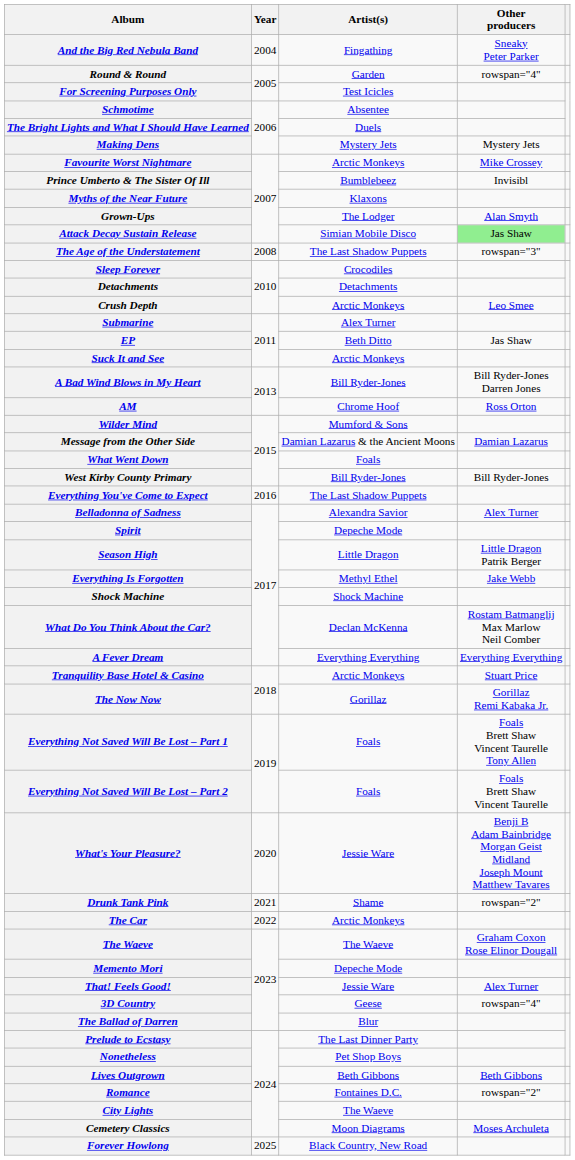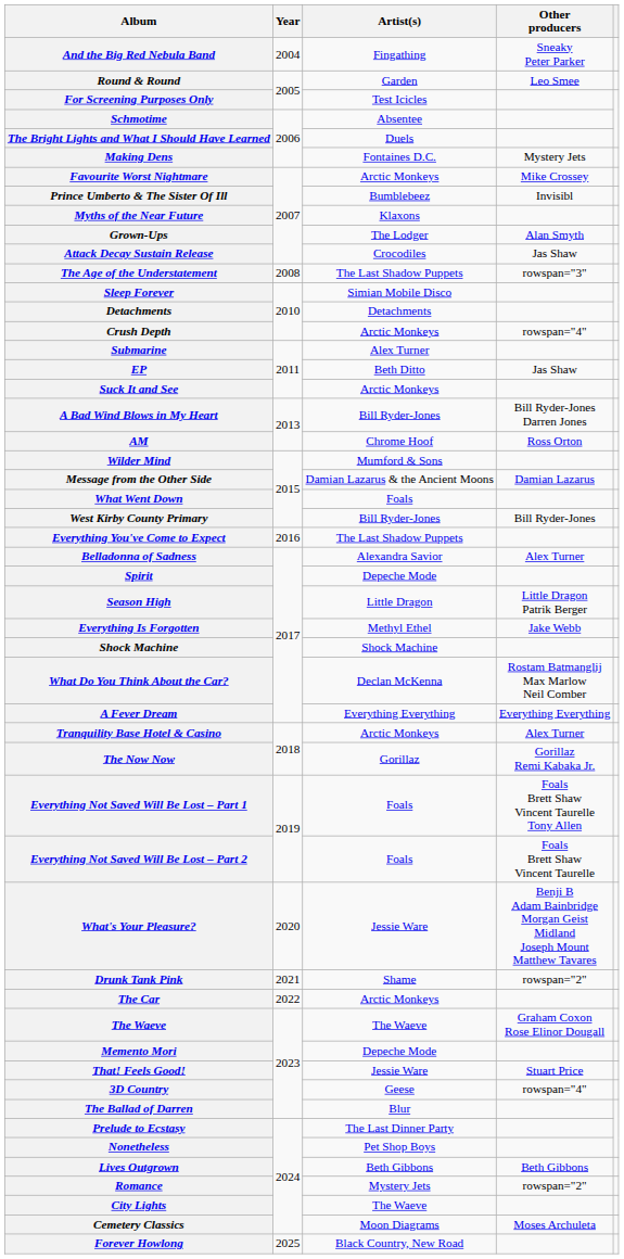 <table class="wikitable plainrowheaders sortable" style="text-align:center;">
 <tr>
 <th scope="col">Album</th>
 <th>Year</th>
 <th>Artist(s)</th>
 <th class="unsortable">Other<br>producers</th>
 <th class="unsortable"></th>
 </tr>
 <tr>
 <th scope="row"><em><a href='#'>And the Big Red Nebula Band</a></em><br></th>
 <td>2004</td>
 <td><a href='#'>Fingathing</a></td>
 <td><a href='#'>Sneaky</a><br><a href='#'>Peter Parker</a></td>
 <td></td>
 </tr>
 <tr>
 <th scope="row"><em>Round & Round</em></th>
 <td rowspan="2">2005</td>
 <td><a href='#'>Garden</a></td>
-<td>rowspan="4" </td>
+<td><a href='#'>Leo Smee</a></td>
 <td></td>
 </tr>
 <tr>
 <th scope="row"><em><a href='#'>For Screening Purposes Only</a></em></th>
 <td><a href='#'>Test Icicles</a></td>
 <td></td>
 </tr>
 <tr>
 <th scope="row"><em><a href='#'>Schmotime</a></em></th>
 <td rowspan="3">2006</td>
 <td><a href='#'>Absentee</a></td>
 <td></td>
 </tr>
 <tr>
 <th scope="row"><em><a href='#'>The Bright Lights and What I Should Have Learned</a></em></th>
 <td><a href='#'>Duels</a></td>
 <td></td>
 </tr>
 <tr>
 <th scope="row"><em><a href='#'>Making Dens</a></em></th>
-<td><a href='#'>Mystery Jets</a></td>
+<td><a href='#'>Fontaines D.C.</a></td>
 <td>Mystery Jets</td>
 <td></td>
 </tr>
 <tr>
 <th scope="row"><em><a href='#'>Favourite Worst Nightmare</a></em></th>
 <td rowspan="5">2007</td>
 <td><a href='#'>Arctic Monkeys</a></td>
 <td><a href='#'>Mike Crossey</a></td>
 <td></td>
 </tr>
 <tr>
 <th scope="row"><em>Prince Umberto & The Sister Of Ill</em></th>
 <td><a href='#'>Bumblebeez</a></td>
 <td>Invisibl</td>
 <td></td>
 </tr>
 <tr>
 <th scope="row"><em><a href='#'>Myths of the Near Future</a></em></th>
 <td><a href='#'>Klaxons</a></td>
 <td></td>
 <td></td>
 </tr>
 <tr>
 <th scope="row"><em>Grown-Ups</em></th>
 <td><a href='#'>The Lodger</a></td>
 <td><a href='#'>Alan Smyth</a></td>
 <td></td>
 </tr>
 <tr>
 <th scope="row"><em><a href='#'>Attack Decay Sustain Release</a></em></th>
-<td><a href='#'>Simian Mobile Disco</a></td>
-<td style="background: lightgreen;">Jas Shaw</td>
+<td><a href='#'>Crocodiles</a></td>
+<td>Jas Shaw</td>
 <td></td>
 </tr>
 <tr>
 <th scope="row"><em><a href='#'>The Age of the Understatement</a></em></th>
 <td>2008</td>
 <td><a href='#'>The Last Shadow Puppets</a></td>
 <td>rowspan="3" </td>
 <td></td>
 </tr>
 <tr>
 <th scope="row"><em><a href='#'>Sleep Forever</a></em></th>
 <td rowspan="3">2010</td>
-<td><a href='#'>Crocodiles</a></td>
+<td><a href='#'>Simian Mobile Disco</a></td>
 <td></td>
 </tr>
 <tr>
 <th scope="row"><em>Detachments</em></th>
 <td><a href='#'>Detachments</a></td>
 <td></td>
 </tr>
 <tr>
 <th scope="row"><em>Crush Depth</em></th>
 <td><a href='#'>Arctic Monkeys</a></td>
-<td><a href='#'>Leo Smee</a></td>
+<td>rowspan="4" </td>
 <td></td>
 </tr>
 <tr>
 <th scope="row"><em><a href='#'>Submarine</a></em><br></th>
 <td rowspan="3">2011</td>
 <td><a href='#'>Alex Turner</a></td>
 <td></td>
 <td></td>
 </tr>
 <tr>
 <th scope="row"><em><a href='#'>EP</a></em><br></th>
 <td><a href='#'>Beth Ditto</a></td>
 <td>Jas Shaw</td>
 <td></td>
 </tr>
 <tr>
 <th scope="row"><em><a href='#'>Suck It and See</a></em></th>
 <td><a href='#'>Arctic Monkeys</a></td>
 <td></td>
 <td></td>
 </tr>
 <tr>
 <th scope="row"><em><a href='#'>A Bad Wind Blows in My Heart</a></em><br></th>
 <td rowspan="2">2013</td>
 <td><a href='#'>Bill Ryder-Jones</a></td>
 <td>Bill Ryder-Jones<br>Darren Jones</td>
 <td></td>
 </tr>
 <tr>
 <th scope="row"><em><a href='#'>AM</a></em><br></th>
 <td><a href='#'>Chrome Hoof</a></td>
 <td><a href='#'>Ross Orton</a></td>
 <td></td>
 </tr>
 <tr>
 <th scope="row"><em><a href='#'>Wilder Mind</a></em></th>
 <td rowspan="4">2015</td>
 <td><a href='#'>Mumford & Sons</a></td>
 <td></td>
 <td></td>
 </tr>
 <tr>
 <th scope="row"><em>Message from the Other Side</em></th>
 <td><a href='#'>Damian Lazarus</a> & the Ancient Moons</td>
 <td><a href='#'>Damian Lazarus</a></td>
 <td></td>
 </tr>
 <tr>
 <th scope="row"><em><a href='#'>What Went Down</a></em></th>
 <td><a href='#'>Foals</a></td>
 <td></td>
 <td></td>
 </tr>
 <tr>
 <th scope="row"><em>West Kirby County Primary</em><br></th>
 <td><a href='#'>Bill Ryder-Jones</a></td>
 <td>Bill Ryder-Jones</td>
 <td></td>
 </tr>
 <tr>
 <th scope="row"><em><a href='#'>Everything You've Come to Expect</a></em></th>
 <td>2016</td>
 <td><a href='#'>The Last Shadow Puppets</a></td>
 <td></td>
 <td></td>
 </tr>
 <tr>
 <th scope="row"><em><a href='#'>Belladonna of Sadness</a></em></th>
 <td rowspan="7">2017</td>
 <td><a href='#'>Alexandra Savior</a></td>
 <td><a href='#'>Alex Turner</a></td>
 <td></td>
 </tr>
 <tr>
 <th scope="row"><em><a href='#'>Spirit</a></em></th>
 <td><a href='#'>Depeche Mode</a></td>
 <td></td>
 <td></td>
 </tr>
 <tr>
 <th scope="row"><em><a href='#'>Season High</a></em><br></th>
 <td><a href='#'>Little Dragon</a></td>
 <td><a href='#'>Little Dragon</a><br>Patrik Berger</td>
 <td></td>
 </tr>
 <tr>
 <th scope="row"><em><a href='#'>Everything Is Forgotten</a></em></th>
 <td><a href='#'>Methyl Ethel</a></td>
 <td><a href='#'>Jake Webb</a></td>
 <td></td>
 </tr>
 <tr>
 <th scope="row"><em>Shock Machine</em></th>
 <td><a href='#'>Shock Machine</a></td>
 <td></td>
 <td></td>
 </tr>
 <tr>
 <th scope="row"><em><a href='#'>What Do You Think About the Car?</a></em><br></th>
 <td><a href='#'>Declan McKenna</a></td>
 <td><a href='#'>Rostam Batmanglij</a><br>Max Marlow<br>Neil Comber</td>
 <td></td>
 </tr>
 <tr>
 <th scope="row"><em><a href='#'>A Fever Dream</a></em></th>
 <td><a href='#'>Everything Everything</a></td>
 <td><a href='#'>Everything Everything</a></td>
 <td></td>
 </tr>
 <tr>
 <th scope="row"><em><a href='#'>Tranquility Base Hotel & Casino</a></em></th>
 <td rowspan="2">2018</td>
 <td><a href='#'>Arctic Monkeys</a></td>
-<td><a href='#'>Stuart Price</a></td>
+<td><a href='#'>Alex Turner</a></td>
 <td></td>
 </tr>
 <tr>
 <th scope="row"><em><a href='#'>The Now Now</a></em></th>
 <td><a href='#'>Gorillaz</a></td>
 <td><a href='#'>Gorillaz</a><br><a href='#'>Remi Kabaka Jr.</a></td>
 <td></td>
 </tr>
 <tr>
 <th scope="row"><em><a href='#'>Everything Not Saved Will Be Lost – Part 1</a></em><br></th>
 <td rowspan="2">2019</td>
 <td><a href='#'>Foals</a></td>
 <td><a href='#'>Foals</a><br>Brett Shaw<br>Vincent Taurelle<br><a href='#'>Tony Allen</a></td>
 <td></td>
 </tr>
 <tr>
 <th scope="row"><em><a href='#'>Everything Not Saved Will Be Lost – Part 2</a></em><br></th>
 <td><a href='#'>Foals</a></td>
 <td><a href='#'>Foals</a><br>Brett Shaw<br>Vincent Taurelle</td>
 <td></td>
 </tr>
 <tr>
 <th scope="row"><em><a href='#'>What's Your Pleasure?</a></em><br></th>
 <td>2020</td>
 <td><a href='#'>Jessie Ware</a></td>
 <td><a href='#'>Benji B</a><br><a href='#'>Adam Bainbridge</a><br><a href='#'>Morgan Geist</a><br><a href='#'>Midland</a><br><a href='#'>Joseph Mount</a><br><a href='#'>Matthew Tavares</a></td>
 <td></td>
 </tr>
 <tr>
 <th scope="row"><em><a href='#'>Drunk Tank Pink</a></em></th>
 <td>2021</td>
 <td><a href='#'>Shame</a></td>
 <td>rowspan="2" </td>
 <td></td>
 </tr>
 <tr>
 <th scope="row"><em><a href='#'>The Car</a></em></th>
 <td>2022</td>
 <td><a href='#'>Arctic Monkeys</a></td>
 <td></td>
 </tr>
 <tr>
 <th scope="row"><em><a href='#'>The Waeve</a></em></th>
 <td rowspan="5">2023</td>
 <td><a href='#'>The Waeve</a></td>
 <td><a href='#'>Graham Coxon</a><br><a href='#'>Rose Elinor Dougall</a></td>
 <td></td>
 </tr>
 <tr>
 <th scope="row"><em><a href='#'>Memento Mori</a></em></th>
 <td><a href='#'>Depeche Mode</a></td>
 <td></td>
 <td></td>
 </tr>
 <tr>
 <th scope="row"><em><a href='#'>That! Feels Good!</a></em><br></th>
 <td><a href='#'>Jessie Ware</a></td>
-<td><a href='#'>Alex Turner</a></td>
+<td><a href='#'>Stuart Price</a></td>
 <td></td>
 </tr>
 <tr>
 <th scope="row"><em><a href='#'>3D Country</a></em></th>
 <td><a href='#'>Geese</a></td>
 <td>rowspan="4" </td>
 <td></td>
 </tr>
 <tr>
 <th scope="row"><em><a href='#'>The Ballad of Darren</a></em></th>
 <td><a href='#'>Blur</a></td>
 <td></td>
 </tr>
 <tr>
 <th scope="row"><em><a href='#'>Prelude to Ecstasy</a></em></th>
 <td rowspan="6">2024</td>
 <td><a href='#'>The Last Dinner Party</a></td>
 <td></td>
 </tr>
 <tr>
 <th scope="row"><em><a href='#'>Nonetheless</a></em></th>
 <td><a href='#'>Pet Shop Boys</a></td>
 <td></td>
 </tr>
 <tr>
 <th scope="row"><em><a href='#'>Lives Outgrown</a></em></th>
 <td><a href='#'>Beth Gibbons</a></td>
 <td><a href='#'>Beth Gibbons</a></td>
 <td></td>
 </tr>
 <tr>
 <th scope="row"><em><a href='#'>Romance</a></em></th>
-<td><a href='#'>Fontaines D.C.</a></td>
+<td><a href='#'>Mystery Jets</a></td>
 <td>rowspan="2" </td>
 <td></td>
 </tr>
 <tr>
 <th scope="row"><em><a href='#'>City Lights</a></em></th>
 <td><a href='#'>The Waeve</a></td>
 <td></td>
 </tr>
 <tr>
 <th scope="row"><em>Cemetery Classics</em><br></th>
 <td><a href='#'>Moon Diagrams</a></td>
 <td><a href='#'>Moses Archuleta</a></td>
 <td></td>
 </tr>
 <tr>
 <th scope="row"><em><a href='#'>Forever Howlong</a></em></th>
 <td>2025</td>
 <td><a href='#'>Black Country, New Road</a></td>
 <td></td>
 <td></td>
 </tr>
 </table>
